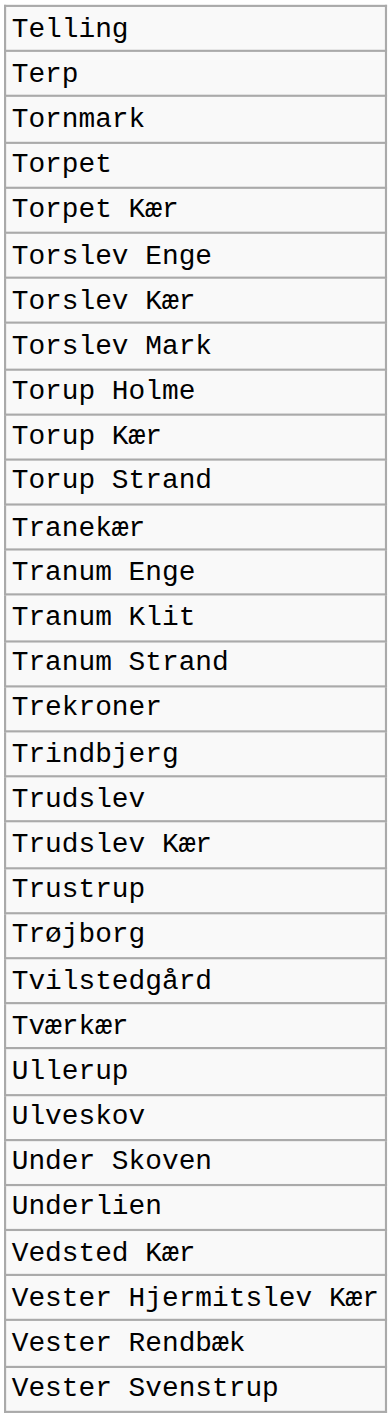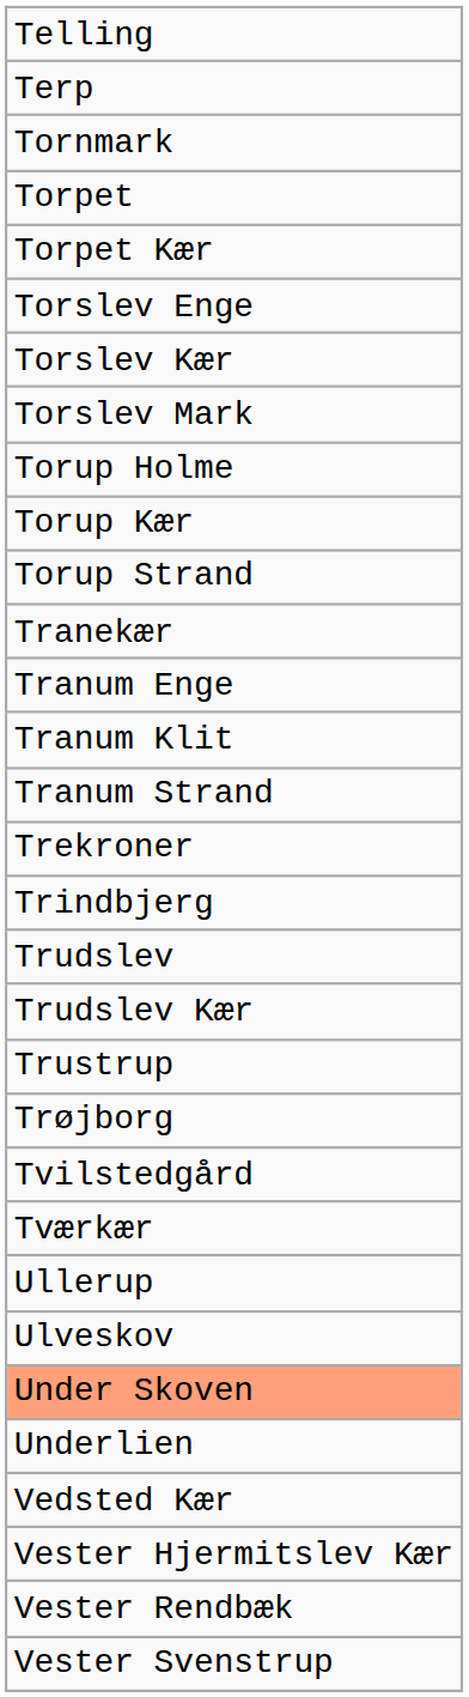 <table class="wikitable" style="float:left; margin-right:1em">
 <tr>
 <td>Telling</td>
 </tr>
 <tr>
 <td>Terp</td>
 </tr>
 <tr>
 <td>Tornmark</td>
 </tr>
 <tr>
 <td>Torpet</td>
 </tr>
 <tr>
 <td>Torpet Kær</td>
 </tr>
 <tr>
 <td>Torslev Enge</td>
 </tr>
 <tr>
 <td>Torslev Kær</td>
 </tr>
 <tr>
 <td>Torslev Mark</td>
 </tr>
 <tr>
 <td>Torup Holme</td>
 </tr>
 <tr>
 <td>Torup Kær</td>
 </tr>
 <tr>
 <td>Torup Strand</td>
 </tr>
 <tr>
 <td>Tranekær</td>
 </tr>
 <tr>
 <td>Tranum Enge</td>
 </tr>
 <tr>
 <td>Tranum Klit</td>
 </tr>
 <tr>
 <td>Tranum Strand</td>
 </tr>
 <tr>
 <td>Trekroner</td>
 </tr>
 <tr>
 <td>Trindbjerg</td>
 </tr>
 <tr>
 <td>Trudslev</td>
 </tr>
 <tr>
 <td>Trudslev Kær</td>
 </tr>
 <tr>
 <td>Trustrup</td>
 </tr>
 <tr>
 <td>Trøjborg</td>
 </tr>
 <tr>
 <td>Tvilstedgård</td>
 </tr>
 <tr>
 <td>Tværkær</td>
 </tr>
 <tr>
 <td>Ullerup</td>
 </tr>
 <tr>
 <td>Ulveskov</td>
 </tr>
 <tr>
-<td>Under Skoven</td>
+<td style="background: lightsalmon;">Under Skoven</td>
 </tr>
 <tr>
 <td>Underlien</td>
 </tr>
 <tr>
 <td>Vedsted Kær</td>
 </tr>
 <tr>
 <td>Vester Hjermitslev Kær</td>
 </tr>
 <tr>
 <td>Vester Rendbæk</td>
 </tr>
 <tr>
 <td>Vester Svenstrup</td>
 </tr>
 </table>
